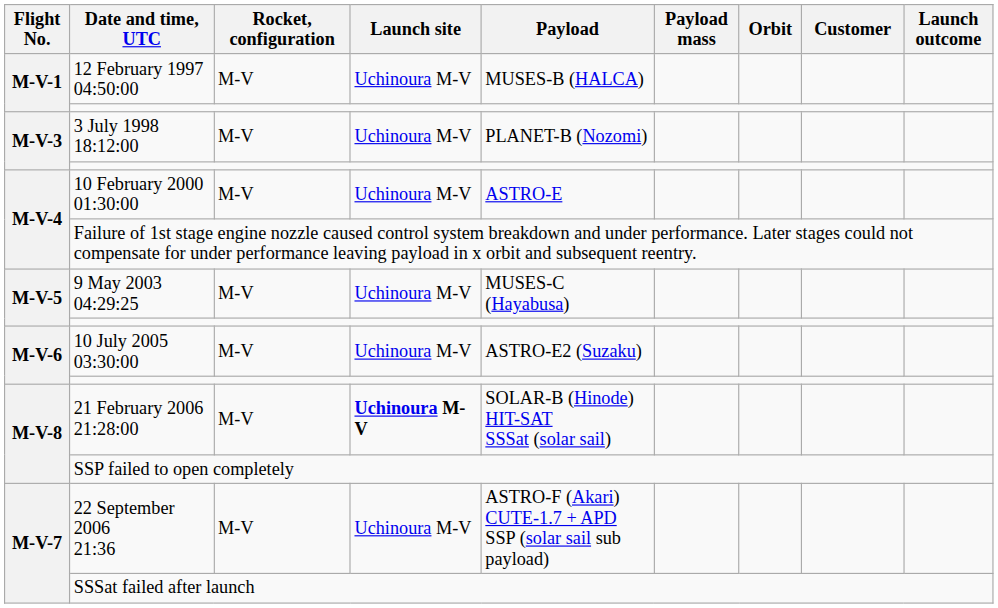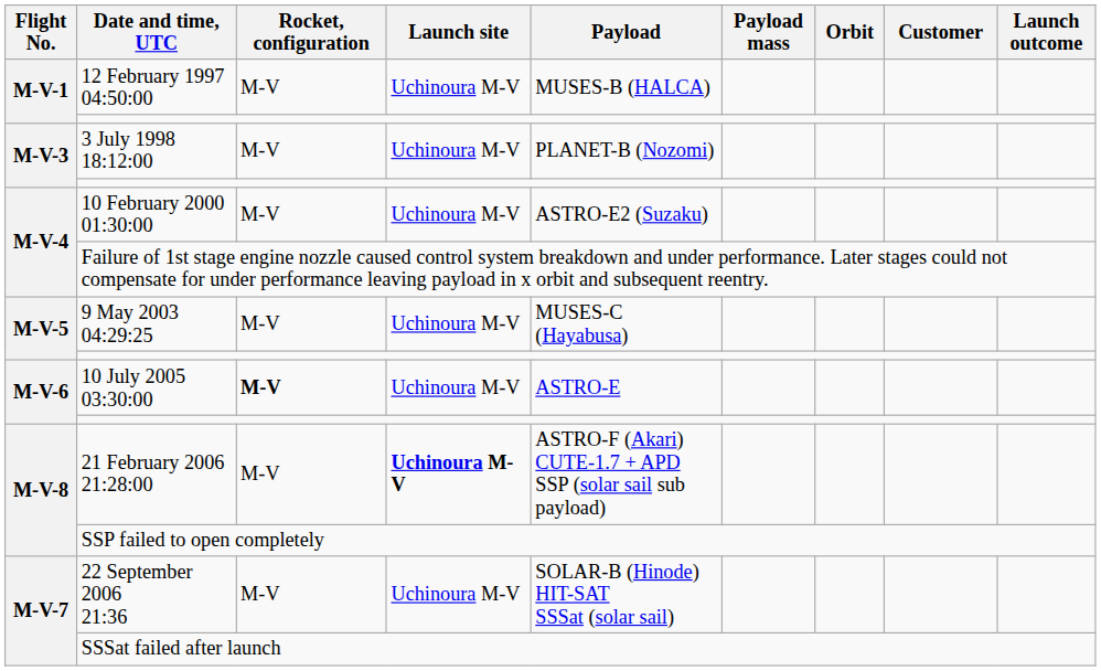 <table class="wikitable plainrowheaders">
 <tr>
 <th scope="col">Flight No.</th>
 <th scope="col">Date and time, <a href='#'>UTC</a></th>
 <th scope="col">Rocket, <br> configuration</th>
 <th scope="col">Launch site</th>
 <th scope="col">Payload</th>
 <th scope="col">Payload <br> mass</th>
 <th scope="col">Orbit</th>
 <th scope="col">Customer</th>
 <th scope="col">Launch <br> outcome</th>
 </tr>
 <tr>
 <th scope="row" rowspan=2 style="text-align:center;">M-V-1</th>
 <td>12 February 1997<br>04:50:00</td>
 <td>M-V</td>
 <td><a href='#'>Uchinoura</a> M-V</td>
 <td>MUSES-B (<a href='#'>HALCA</a>)</td>
 <td></td>
 <td></td>
 <td></td>
 <td></td>
 </tr>
 <tr>
 <td colspan="8"></td>
 </tr>
 <tr>
 <th scope="row" rowspan=2 style="text-align:center;">M-V-3</th>
 <td>3 July 1998<br>18:12:00</td>
 <td>M-V</td>
 <td><a href='#'>Uchinoura</a> M-V</td>
 <td>PLANET-B (<a href='#'>Nozomi</a>)</td>
 <td></td>
 <td></td>
 <td></td>
 <td></td>
 </tr>
 <tr>
 <td colspan="8"></td>
 </tr>
 <tr>
 <th scope="row" rowspan=2 style="text-align:center;">M-V-4</th>
 <td>10 February 2000<br>01:30:00</td>
 <td>M-V</td>
 <td><a href='#'>Uchinoura</a> M-V</td>
-<td><a href='#'>ASTRO-E</a></td>
+<td>ASTRO-E2 (<a href='#'>Suzaku</a>)</td>
 <td></td>
 <td></td>
 <td></td>
 <td></td>
 </tr>
 <tr>
 <td colspan="8">Failure of 1st stage engine nozzle caused control system breakdown and under performance. Later stages could not compensate for under performance leaving payload in  x  orbit and subsequent reentry.</td>
 </tr>
 <tr>
 <th scope="row" rowspan=2 style="text-align:center;">M-V-5</th>
 <td>9 May 2003<br>04:29:25</td>
 <td>M-V</td>
 <td><a href='#'>Uchinoura</a> M-V</td>
 <td>MUSES-C (<a href='#'>Hayabusa</a>)</td>
 <td></td>
 <td></td>
 <td></td>
 <td></td>
 </tr>
 <tr>
 <td colspan="8"></td>
 </tr>
 <tr>
 <th scope="row" rowspan=2 style="text-align:center;">M-V-6</th>
 <td>10 July 2005<br>03:30:00</td>
-<td>M-V</td>
+<td><strong>M-V</strong></td>
 <td><a href='#'>Uchinoura</a> M-V</td>
-<td>ASTRO-E2 (<a href='#'>Suzaku</a>)</td>
+<td><a href='#'>ASTRO-E</a></td>
 <td></td>
 <td></td>
 <td></td>
 <td></td>
 </tr>
 <tr>
 <td colspan="8"></td>
 </tr>
 <tr>
 <th scope="row" rowspan=2 style="text-align:center;">M-V-8</th>
 <td>21 February 2006<br>21:28:00</td>
 <td>M-V</td>
 <td><strong><a href='#'>Uchinoura</a> M-V</strong></td>
-<td>SOLAR-B (<a href='#'>Hinode</a>) <br><a href='#'>HIT-SAT</a><br><a href='#'>SSSat</a> (<a href='#'>solar sail</a>)</td>
+<td>ASTRO-F (<a href='#'>Akari</a>)<br><a href='#'>CUTE-1.7 + APD</a><br>SSP (<a href='#'>solar sail</a> sub payload)</td>
 <td></td>
 <td></td>
 <td></td>
 <td></td>
 </tr>
 <tr>
 <td colspan="8">SSP failed to open completely</td>
 </tr>
 <tr>
 <th scope="row" rowspan=2 style="text-align:center;">M-V-7</th>
 <td>22 September 2006<br>21:36</td>
 <td>M-V</td>
 <td><a href='#'>Uchinoura</a> M-V</td>
-<td>ASTRO-F (<a href='#'>Akari</a>)<br><a href='#'>CUTE-1.7 + APD</a><br>SSP (<a href='#'>solar sail</a> sub payload)</td>
+<td>SOLAR-B (<a href='#'>Hinode</a>) <br><a href='#'>HIT-SAT</a><br><a href='#'>SSSat</a> (<a href='#'>solar sail</a>)</td>
 <td></td>
 <td></td>
 <td></td>
 <td></td>
 </tr>
 <tr>
 <td colspan="8">SSSat failed after launch</td>
 </tr>
 </table>
